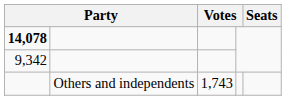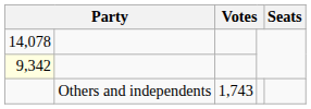 <table class=wikitable style="text-align:right;">
 <tr>
 <th colspan=2>Party</th>
 <th colspan=2>Votes</th>
 <th colspan=1>Seats</th>
 </tr>
 <tr>
-<td><strong>14,078</strong></td>
+<td>14,078</td>
 <td style="color:white;"></td>
 <td style="text-align:center;"></td>
 </tr>
 <tr>
-<td>9,342</td>
+<td style="background: lightyellow;">9,342</td>
 <td></td>
 <td style="text-align:center;"></td>
 </tr>
 <tr>
 <td>    </td>
 <td style="text-align:left;">Others and independents</td>
 <td>1,743</td>
 <td></td>
 <td style="text-align:center;"></td>
 </tr>
 </table>
